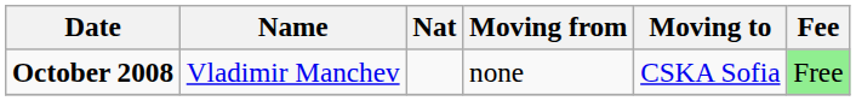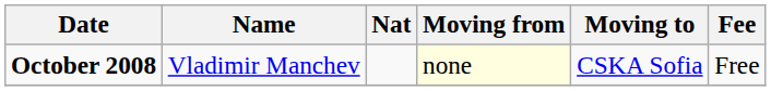 <table class="wikitable">
 <tr>
 <th>Date</th>
 <th>Name</th>
 <th>Nat</th>
 <th>Moving from</th>
 <th>Moving to</th>
 <th>Fee</th>
 </tr>
 <tr>
 <td><strong>October 2008</strong></td>
 <td><a href='#'>Vladimir Manchev</a></td>
 <td></td>
-<td>none</td>
+<td style="background: lightyellow;">none</td>
 <td><a href='#'>CSKA Sofia</a></td>
-<td style="background: lightgreen;">Free</td>
+<td>Free</td>
 </tr>
 <tr>
 </tr>
 </table>
